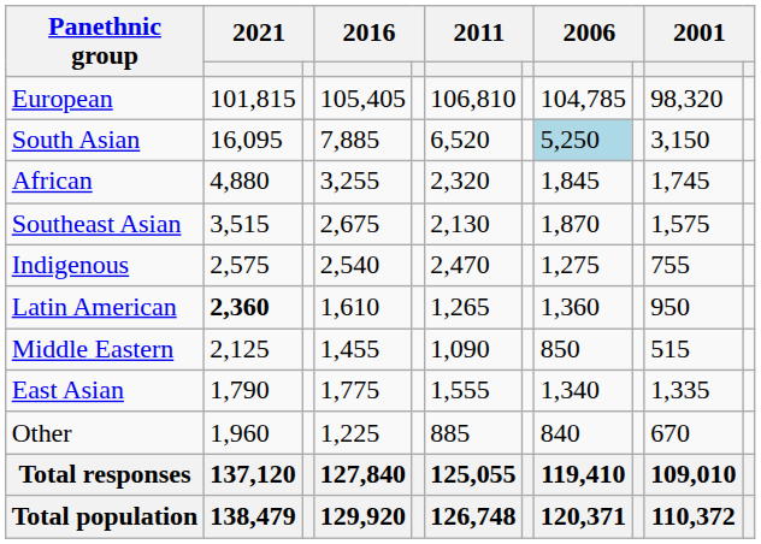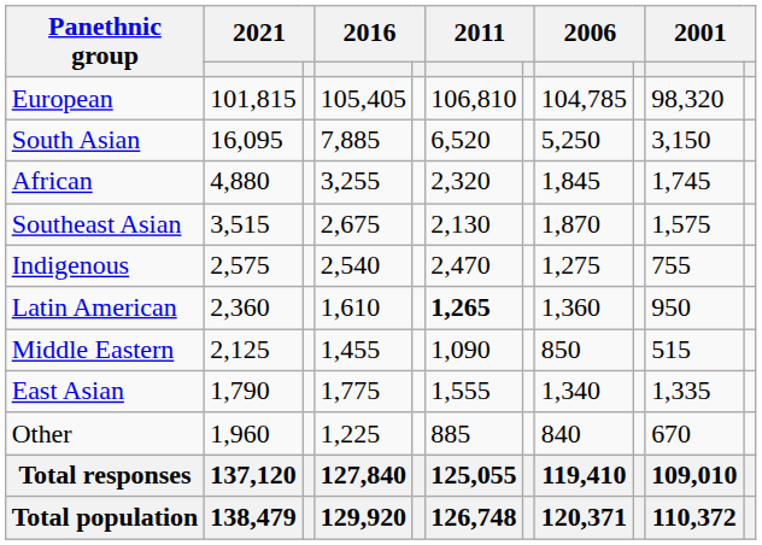 <table class="wikitable collapsible sortable">
 <tr>
 <th rowspan="2"><a href='#'>Panethnic</a><br>group</th>
 <th colspan="2">2021</th>
 <th colspan="2">2016</th>
 <th colspan="2">2011</th>
 <th colspan="2">2006</th>
 <th colspan="2">2001</th>
 </tr>
 <tr>
 <th><a href='#'></a></th>
 <th></th>
 <th></th>
 <th></th>
 <th></th>
 <th></th>
 <th></th>
 <th></th>
 <th></th>
 <th></th>
 </tr>
 <tr>
 <td><a href='#'>European</a></td>
 <td>101,815</td>
 <td></td>
 <td>105,405</td>
 <td></td>
 <td>106,810</td>
 <td></td>
 <td>104,785</td>
 <td></td>
 <td>98,320</td>
 <td></td>
 </tr>
 <tr>
 <td><a href='#'>South Asian</a></td>
 <td>16,095</td>
 <td></td>
 <td>7,885</td>
 <td></td>
 <td>6,520</td>
 <td></td>
-<td style="background: lightblue;">5,250</td>
+<td>5,250</td>
 <td></td>
 <td>3,150</td>
 <td></td>
 </tr>
 <tr>
 <td><a href='#'>African</a></td>
 <td>4,880</td>
 <td></td>
 <td>3,255</td>
 <td></td>
 <td>2,320</td>
 <td></td>
 <td>1,845</td>
 <td></td>
 <td>1,745</td>
 <td></td>
 </tr>
 <tr>
 <td><a href='#'>Southeast Asian</a></td>
 <td>3,515</td>
 <td></td>
 <td>2,675</td>
 <td></td>
 <td>2,130</td>
 <td></td>
 <td>1,870</td>
 <td></td>
 <td>1,575</td>
 <td></td>
 </tr>
 <tr>
 <td><a href='#'>Indigenous</a></td>
 <td>2,575</td>
 <td></td>
 <td>2,540</td>
 <td></td>
 <td>2,470</td>
 <td></td>
 <td>1,275</td>
 <td></td>
 <td>755</td>
 <td></td>
 </tr>
 <tr>
 <td><a href='#'>Latin American</a></td>
-<td><strong>2,360</strong></td>
+<td>2,360</td>
 <td></td>
 <td>1,610</td>
 <td></td>
-<td>1,265</td>
+<td><strong>1,265</strong></td>
 <td></td>
 <td>1,360</td>
 <td></td>
 <td>950</td>
 <td></td>
 </tr>
 <tr>
 <td><a href='#'>Middle Eastern</a></td>
 <td>2,125</td>
 <td></td>
 <td>1,455</td>
 <td></td>
 <td>1,090</td>
 <td></td>
 <td>850</td>
 <td></td>
 <td>515</td>
 <td></td>
 </tr>
 <tr>
 <td><a href='#'>East Asian</a></td>
 <td>1,790</td>
 <td></td>
 <td>1,775</td>
 <td></td>
 <td>1,555</td>
 <td></td>
 <td>1,340</td>
 <td></td>
 <td>1,335</td>
 <td></td>
 </tr>
 <tr>
 <td>Other</td>
 <td>1,960</td>
 <td></td>
 <td>1,225</td>
 <td></td>
 <td>885</td>
 <td></td>
 <td>840</td>
 <td></td>
 <td>670</td>
 <td></td>
 </tr>
 <tr>
 <th>Total responses</th>
 <th>137,120</th>
 <th></th>
 <th>127,840</th>
 <th></th>
 <th>125,055</th>
 <th></th>
 <th>119,410</th>
 <th></th>
 <th>109,010</th>
 <th></th>
 </tr>
 <tr>
 <th>Total population</th>
 <th>138,479</th>
 <th></th>
 <th>129,920</th>
 <th></th>
 <th>126,748</th>
 <th></th>
 <th>120,371</th>
 <th></th>
 <th>110,372</th>
 <th></th>
 </tr>
 </table>
